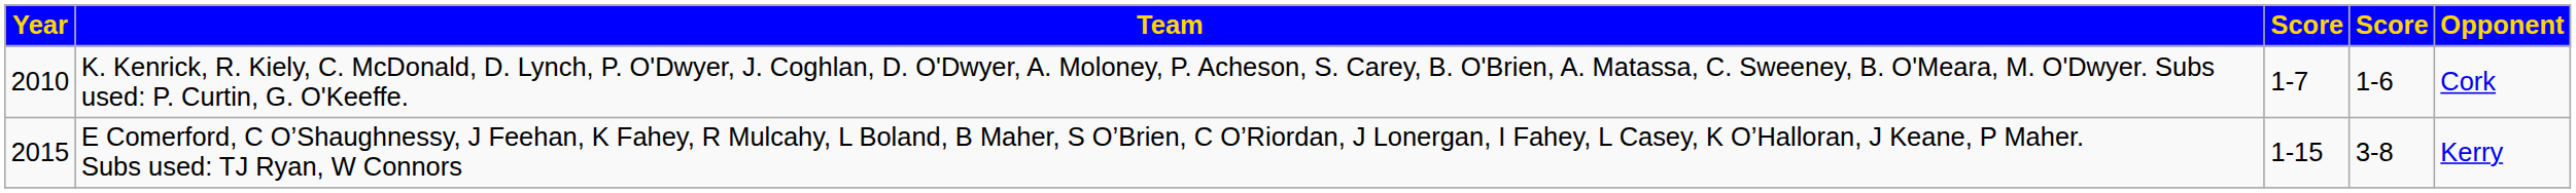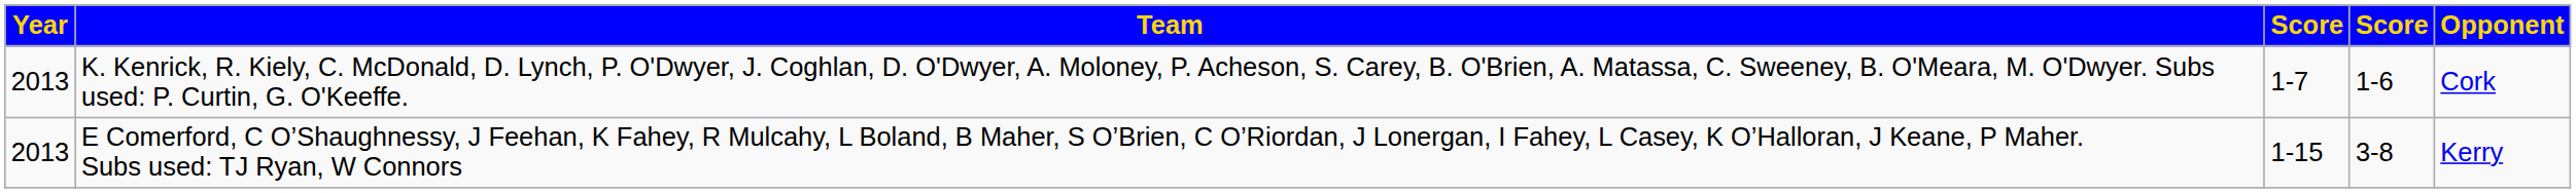 <table class="wikitable">
 <tr style="text-align:center;background:blue;color:gold;">
 <td><strong>Year</strong></td>
 <td><strong>Team</strong></td>
 <td><strong>Score</strong></td>
 <td><strong>Score</strong></td>
 <td><strong>Opponent</strong></td>
 </tr>
 <tr>
-<td>2010</td>
+<td>2013</td>
 <td>K. Kenrick, R. Kiely, C. McDonald, D. Lynch, P. O'Dwyer, J. Coghlan, D. O'Dwyer, A. Moloney, P. Acheson, S. Carey, B. O'Brien, A. Matassa, C. Sweeney, B. O'Meara, M. O'Dwyer. Subs used: P. Curtin, G. O'Keeffe.</td>
 <td>1-7</td>
 <td>1-6</td>
 <td><a href='#'>Cork</a></td>
 </tr>
 <tr>
-<td>2015</td>
+<td>2013</td>
 <td>E Comerford, C O’Shaughnessy, J Feehan, K Fahey, R Mulcahy, L Boland, B Maher, S O’Brien, C O’Riordan, J Lonergan, I Fahey, L Casey, K O’Halloran, J Keane, P Maher.<br>Subs used: TJ Ryan, W Connors</td>
 <td>1-15</td>
 <td>3-8</td>
 <td><a href='#'>Kerry</a></td>
 </tr>
 </table>
